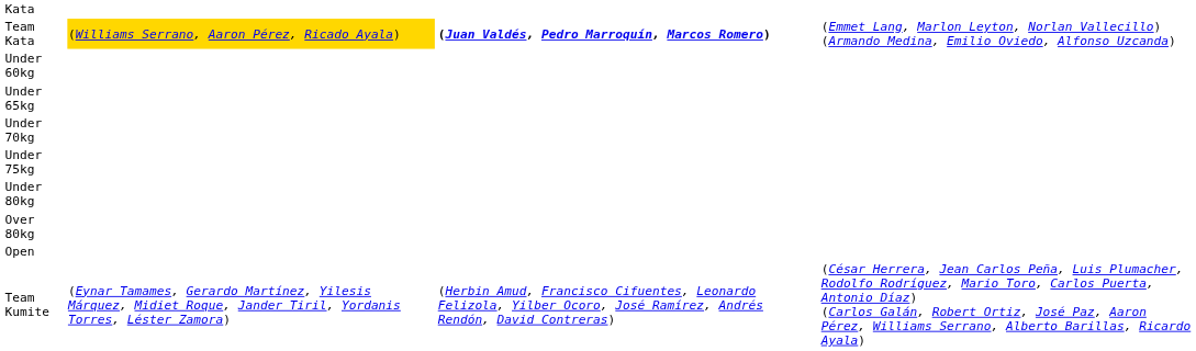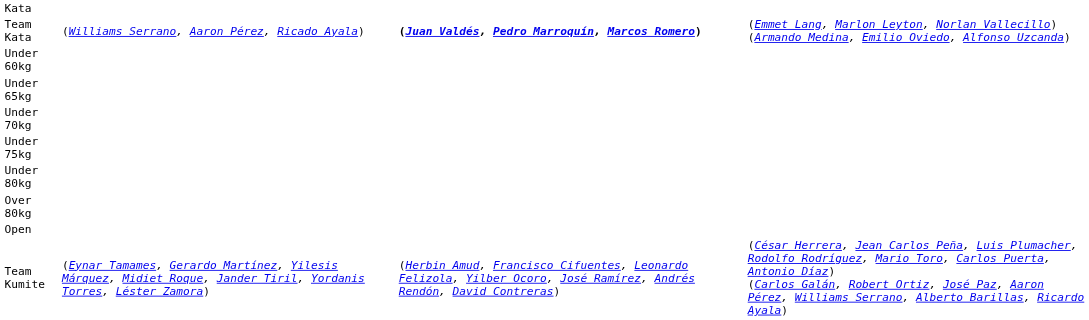 <table>
 <tr>
 <td>Kata</td>
 <td></td>
 <td></td>
 <td><br></td>
 </tr>
 <tr>
 <td>Team Kata</td>
-<td style="background: gold;"> (<em><a href='#'>Williams Serrano</a>, <a href='#'>Aaron Pérez</a>, <a href='#'>Ricado Ayala</a></em>)</td>
+<td> (<em><a href='#'>Williams Serrano</a>, <a href='#'>Aaron Pérez</a>, <a href='#'>Ricado Ayala</a></em>)</td>
 <td><strong> (<em><a href='#'>Juan Valdés</a>, <a href='#'>Pedro Marroquín</a>, <a href='#'>Marcos Romero</a></em>)</strong></td>
 <td> (<em><a href='#'>Emmet Lang</a>, <a href='#'>Marlon Leyton</a>, <a href='#'>Norlan Vallecillo</a></em>)<br> (<em><a href='#'>Armando Medina</a>, <a href='#'>Emilio Oviedo</a>, <a href='#'>Alfonso Uzcanda</a></em>)</td>
 </tr>
 <tr>
 <td>Under 60kg</td>
 <td></td>
 <td></td>
 <td><br></td>
 </tr>
 <tr>
 <td>Under 65kg</td>
 <td></td>
 <td></td>
 <td><br></td>
 </tr>
 <tr>
 <td>Under 70kg</td>
 <td></td>
 <td></td>
 <td><br></td>
 </tr>
 <tr>
 <td>Under 75kg</td>
 <td></td>
 <td></td>
 <td><br></td>
 </tr>
 <tr>
 <td>Under 80kg</td>
 <td></td>
 <td></td>
 <td><br></td>
 </tr>
 <tr>
 <td>Over 80kg</td>
 <td></td>
 <td></td>
 <td><br></td>
 </tr>
 <tr>
 <td>Open</td>
 <td></td>
 <td></td>
 <td><br></td>
 </tr>
 <tr>
 <td>Team Kumite</td>
 <td> (<em><a href='#'>Eynar Tamames</a>, <a href='#'>Gerardo Martínez</a>, <a href='#'>Yilesis Márquez</a>, <a href='#'>Midiet Roque</a>, <a href='#'>Jander Tiril</a>, <a href='#'>Yordanis Torres</a>, <a href='#'>Léster Zamora</a></em>)</td>
 <td> (<em><a href='#'>Herbin Amud</a>, <a href='#'>Francisco Cifuentes</a>, <a href='#'>Leonardo Felizola</a>, <a href='#'>Yilber Ocoro</a>, <a href='#'>José Ramírez</a>, <a href='#'>Andrés Rendón</a>, <a href='#'>David Contreras</a></em>)</td>
 <td> (<em><a href='#'>César Herrera</a>, <a href='#'>Jean Carlos Peña</a>, <a href='#'>Luis Plumacher</a>, <a href='#'>Rodolfo Rodríguez</a>, <a href='#'>Mario Toro</a>, <a href='#'>Carlos Puerta</a>, <a href='#'>Antonio Díaz</a></em>)<br> (<em><a href='#'>Carlos Galán</a>, <a href='#'>Robert Ortiz</a>, <a href='#'>José Paz</a>, <a href='#'>Aaron Pérez</a>, <a href='#'>Williams Serrano</a>, <a href='#'>Alberto Barillas</a>, <a href='#'>Ricardo Ayala</a></em>)</td>
 </tr>
 <tr>
 </tr>
 </table>
